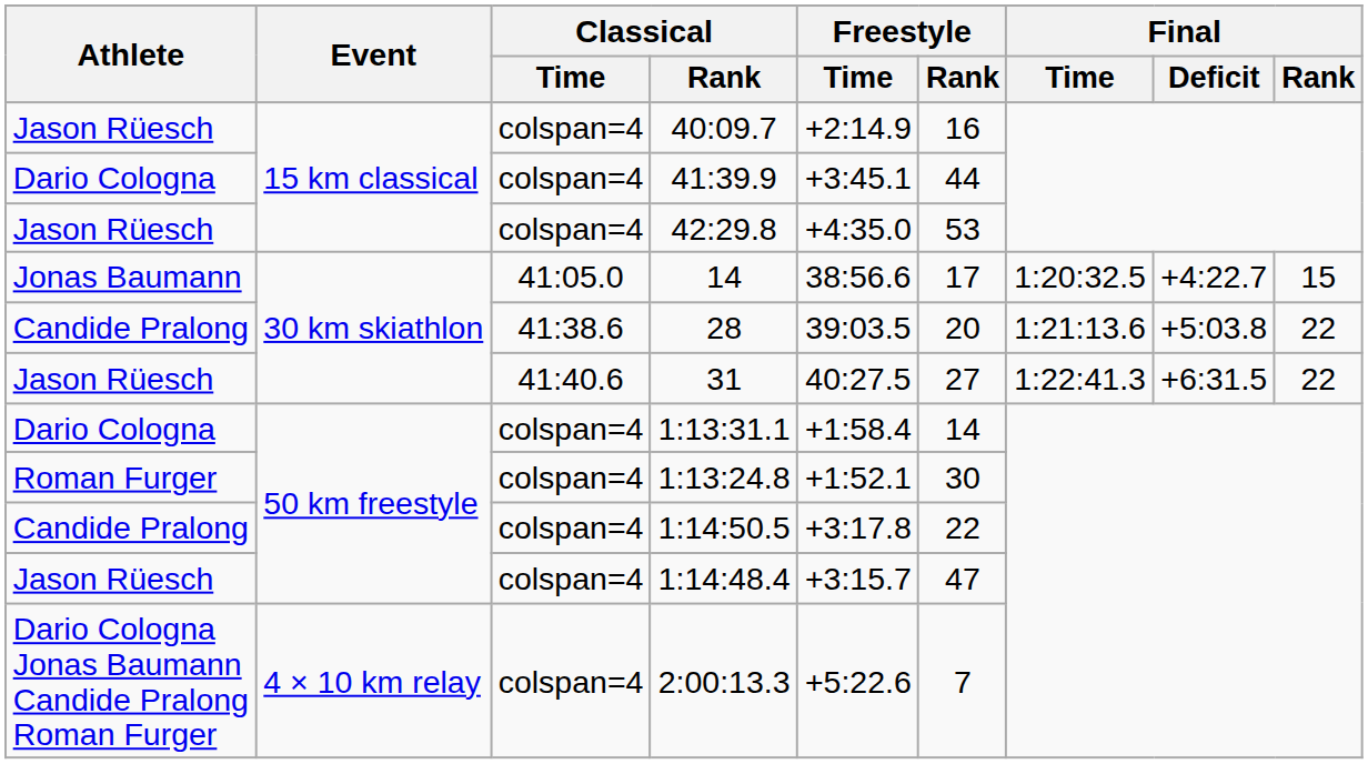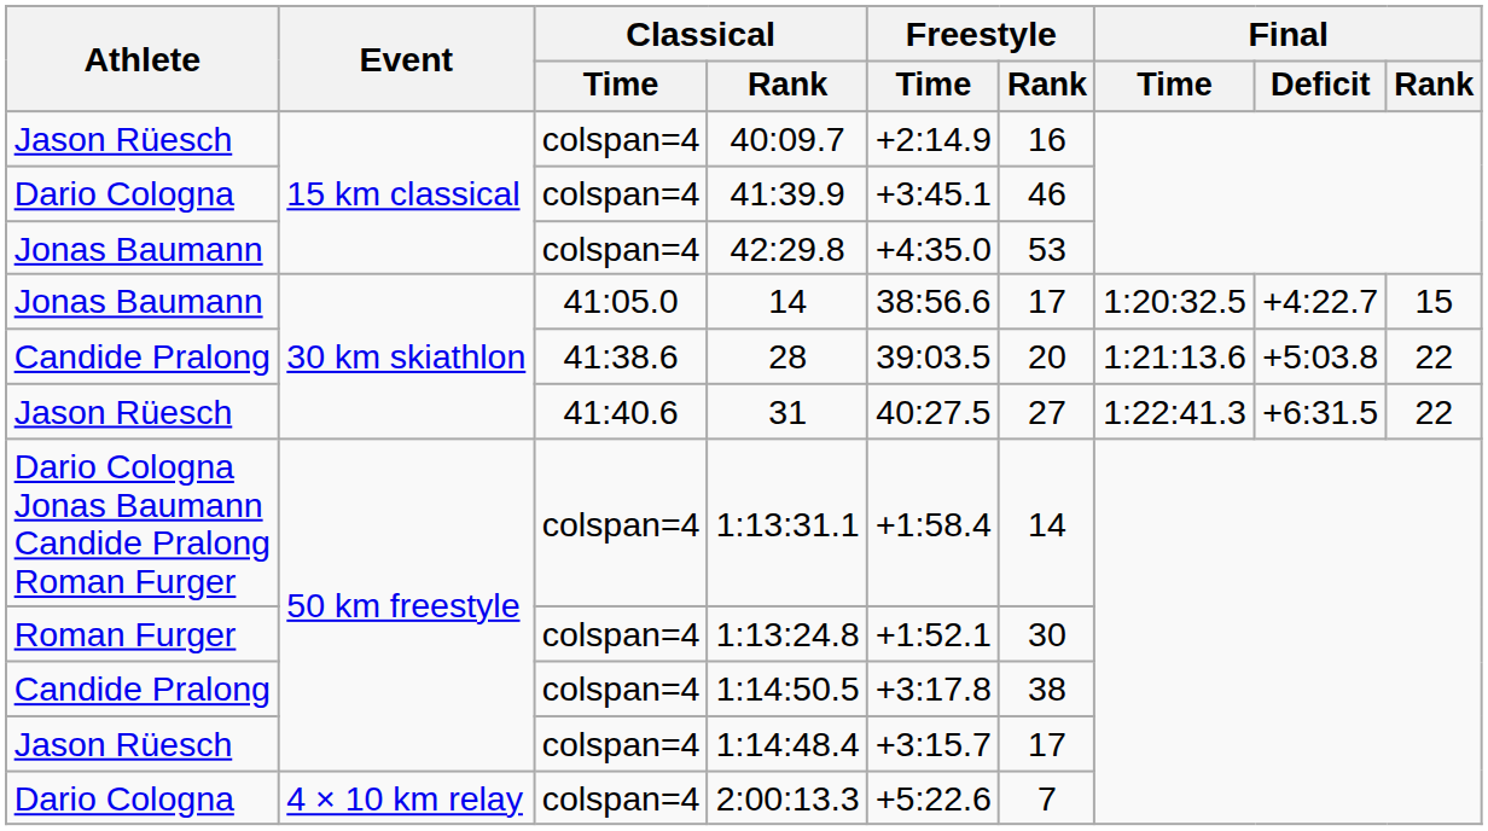 <table class=wikitable style=font-size:90%;text-align:center>
 <tr>
 <th rowspan=2>Athlete</th>
 <th rowspan=2>Event</th>
 <th colspan=2>Classical</th>
 <th colspan=2>Freestyle</th>
 <th colspan=3>Final</th>
 </tr>
 <tr style="font-size: 95%">
 <th>Time</th>
 <th>Rank</th>
 <th>Time</th>
 <th>Rank</th>
 <th>Time</th>
 <th>Deficit</th>
 <th>Rank</th>
 </tr>
 <tr>
 <td align=left><a href='#'>Jason Rüesch</a></td>
 <td align=left rowspan=3><a href='#'>15 km classical</a></td>
 <td>colspan=4</td>
 <td>40:09.7</td>
 <td>+2:14.9</td>
 <td>16</td>
 </tr>
 <tr>
 <td align=left><a href='#'>Dario Cologna</a></td>
 <td>colspan=4</td>
 <td>41:39.9</td>
 <td>+3:45.1</td>
-<td>44</td>
+<td>46</td>
 </tr>
 <tr>
-<td align=left><a href='#'>Jason Rüesch</a></td>
+<td align=left><a href='#'>Jonas Baumann</a></td>
 <td>colspan=4</td>
 <td>42:29.8</td>
 <td>+4:35.0</td>
 <td>53</td>
 </tr>
 <tr>
 <td align=left><a href='#'>Jonas Baumann</a></td>
 <td align=left rowspan=3><a href='#'>30 km skiathlon</a></td>
 <td>41:05.0</td>
 <td>14</td>
 <td>38:56.6</td>
 <td>17</td>
 <td>1:20:32.5</td>
 <td>+4:22.7</td>
 <td>15</td>
 </tr>
 <tr>
 <td align=left><a href='#'>Candide Pralong</a></td>
 <td>41:38.6</td>
 <td>28</td>
 <td>39:03.5</td>
 <td>20</td>
 <td>1:21:13.6</td>
 <td>+5:03.8</td>
 <td>22</td>
 </tr>
 <tr>
 <td align=left><a href='#'>Jason Rüesch</a></td>
 <td>41:40.6</td>
 <td>31</td>
 <td>40:27.5</td>
 <td>27</td>
 <td>1:22:41.3</td>
 <td>+6:31.5</td>
 <td>22</td>
 </tr>
 <tr>
-<td align=left><a href='#'>Dario Cologna</a></td>
+<td align=left><a href='#'>Dario Cologna</a><br><a href='#'>Jonas Baumann</a><br><a href='#'>Candide Pralong</a><br><a href='#'>Roman Furger</a></td>
 <td align=left rowspan=4><a href='#'>50 km freestyle</a></td>
 <td>colspan=4 </td>
 <td>1:13:31.1</td>
 <td>+1:58.4</td>
 <td>14</td>
 </tr>
 <tr>
 <td align=left><a href='#'>Roman Furger</a></td>
 <td>colspan=4 </td>
 <td>1:13:24.8</td>
 <td>+1:52.1</td>
 <td>30</td>
 </tr>
 <tr>
 <td align=left><a href='#'>Candide Pralong</a></td>
 <td>colspan=4 </td>
 <td>1:14:50.5</td>
 <td>+3:17.8</td>
-<td>22</td>
+<td>38</td>
 </tr>
 <tr>
 <td align=left><a href='#'>Jason Rüesch</a></td>
 <td>colspan=4 </td>
 <td>1:14:48.4</td>
 <td>+3:15.7</td>
-<td>47</td>
+<td>17</td>
 </tr>
 <tr>
-<td align=left><a href='#'>Dario Cologna</a><br><a href='#'>Jonas Baumann</a><br><a href='#'>Candide Pralong</a><br><a href='#'>Roman Furger</a></td>
+<td align=left><a href='#'>Dario Cologna</a></td>
 <td align=left><a href='#'>4 × 10 km relay</a></td>
 <td>colspan=4 </td>
 <td>2:00:13.3</td>
 <td>+5:22.6</td>
 <td>7</td>
 </tr>
 </table>
